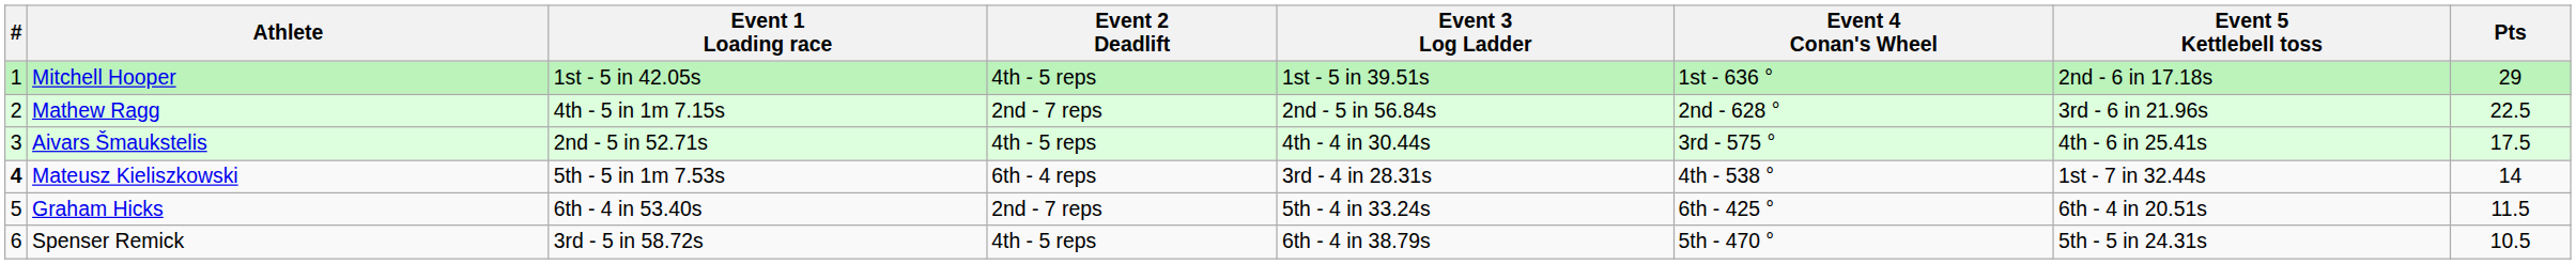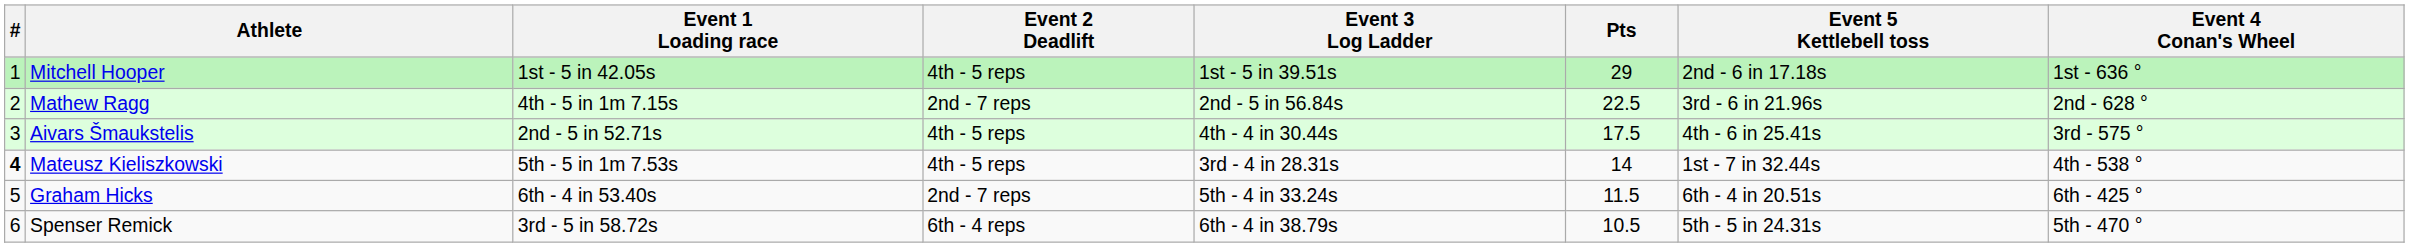 <table class="wikitable sortable" style="display: inline-table;width: 100%;">
 <tr>
 <th scope="col" style="width: 10px;">#</th>
 <th scope="col">Athlete</th>
 <th scope="col">Event 1<br>Loading race</th>
 <th scope="col">Event 2<br>Deadlift</th>
 <th scope="col">Event 3<br>Log Ladder</th>
+<th scope="col">Pts</th>
+<th scope="col">Event 5<br>Kettlebell toss</th>
 <th scope="col">Event 4<br>Conan's Wheel</th>
-<th scope="col">Event 5<br>Kettlebell toss</th>
-<th scope="col">Pts</th>
 </tr>
 <tr bgcolor=bbf3bb>
 <td align=center>1</td>
 <td> <a href='#'>Mitchell Hooper</a></td>
 <td>1st - 5 in 42.05s</td>
 <td>4th - 5 reps</td>
 <td>1st - 5 in 39.51s</td>
+<td align=center>29</td>
+<td>2nd - 6 in 17.18s</td>
 <td>1st - 636 °</td>
-<td>2nd - 6 in 17.18s</td>
-<td align=center>29</td>
 </tr>
 <tr bgcolor=ddffdd>
 <td align=center>2</td>
 <td> <a href='#'>Mathew Ragg</a></td>
 <td>4th - 5 in 1m 7.15s</td>
 <td>2nd - 7 reps</td>
 <td>2nd - 5 in 56.84s</td>
+<td align=center>22.5</td>
+<td>3rd - 6 in 21.96s</td>
 <td>2nd - 628 °</td>
-<td>3rd - 6 in 21.96s</td>
-<td align=center>22.5</td>
 </tr>
 <tr bgcolor=ddffdd>
 <td align=center>3</td>
 <td> <a href='#'>Aivars Šmaukstelis</a></td>
 <td>2nd - 5 in 52.71s</td>
 <td>4th - 5 reps</td>
 <td>4th - 4 in 30.44s</td>
+<td align=center>17.5</td>
+<td>4th - 6 in 25.41s</td>
 <td>3rd - 575 °</td>
-<td>4th - 6 in 25.41s</td>
-<td align=center>17.5</td>
 </tr>
 <tr>
 <td align=center><strong>4</strong></td>
 <td> <a href='#'>Mateusz Kieliszkowski</a></td>
 <td>5th - 5 in 1m 7.53s</td>
-<td>6th - 4 reps</td>
+<td>4th - 5 reps</td>
 <td>3rd - 4 in 28.31s</td>
+<td align=center>14</td>
+<td>1st - 7 in 32.44s</td>
 <td>4th - 538 °</td>
-<td>1st - 7 in 32.44s</td>
-<td align=center>14</td>
 </tr>
 <tr>
 <td align=center>5</td>
 <td> <a href='#'>Graham Hicks</a></td>
 <td>6th - 4 in 53.40s</td>
 <td>2nd - 7 reps</td>
 <td>5th - 4 in 33.24s</td>
+<td align=center>11.5</td>
+<td>6th - 4 in 20.51s</td>
 <td>6th - 425 °</td>
-<td>6th - 4 in 20.51s</td>
-<td align=center>11.5</td>
 </tr>
 <tr>
 <td align=center>6</td>
 <td> Spenser Remick</td>
 <td>3rd - 5 in 58.72s</td>
-<td>4th - 5 reps</td>
+<td>6th - 4 reps</td>
 <td>6th - 4 in 38.79s</td>
+<td align=center>10.5</td>
+<td>5th - 5 in 24.31s</td>
 <td>5th - 470 °</td>
-<td>5th - 5 in 24.31s</td>
-<td align=center>10.5</td>
 </tr>
 </table>
